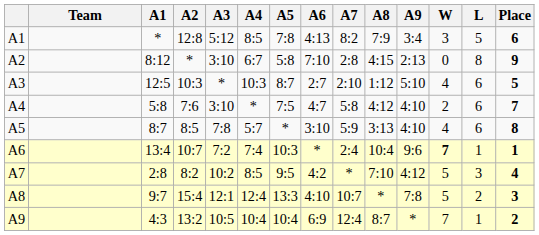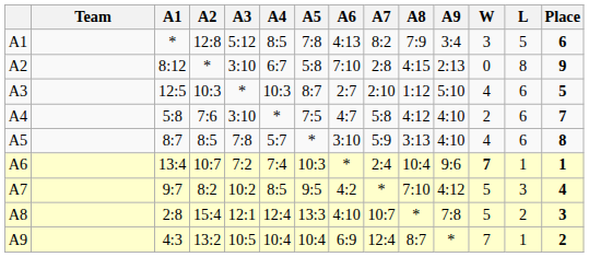 <table class="wikitable" style="text-align:center;">
 <tr>
 <th></th>
 <th width="120">Team</th>
 <th width="25">A1</th>
 <th width="25">A2</th>
 <th width="25">A3</th>
 <th width="25">A4</th>
 <th width="25">A5</th>
 <th width="25">A6</th>
 <th width="25">A7</th>
 <th width="25">A8</th>
 <th width="25">A9</th>
 <th width="30">W</th>
 <th width="30">L</th>
 <th>Place</th>
 </tr>
 <tr>
 <td>A1</td>
 <td align="left"></td>
 <td>*</td>
 <td>12:8</td>
 <td>5:12</td>
 <td>8:5</td>
 <td>7:8</td>
 <td>4:13</td>
 <td>8:2</td>
 <td>7:9</td>
 <td>3:4</td>
 <td>3</td>
 <td>5</td>
 <td><strong>6</strong></td>
 </tr>
 <tr>
 <td>A2</td>
 <td align="left"></td>
 <td>8:12</td>
 <td>*</td>
 <td>3:10</td>
 <td>6:7</td>
 <td>5:8</td>
 <td>7:10</td>
 <td>2:8</td>
 <td>4:15</td>
 <td>2:13</td>
 <td>0</td>
 <td>8</td>
 <td><strong>9</strong></td>
 </tr>
 <tr>
 <td>A3</td>
 <td align="left"></td>
 <td>12:5</td>
 <td>10:3</td>
 <td>*</td>
 <td>10:3</td>
 <td>8:7</td>
 <td>2:7</td>
 <td>2:10</td>
 <td>1:12</td>
 <td>5:10</td>
 <td>4</td>
 <td>6</td>
 <td><strong>5</strong></td>
 </tr>
 <tr>
 <td>A4</td>
 <td align="left"></td>
 <td>5:8</td>
 <td>7:6</td>
 <td>3:10</td>
 <td>*</td>
 <td>7:5</td>
 <td>4:7</td>
 <td>5:8</td>
 <td>4:12</td>
 <td>4:10</td>
 <td>2</td>
 <td>6</td>
 <td><strong>7</strong></td>
 </tr>
 <tr>
 <td>A5</td>
 <td align="left"></td>
 <td>8:7</td>
 <td>8:5</td>
 <td>7:8</td>
 <td>5:7</td>
 <td>*</td>
 <td>3:10</td>
 <td>5:9</td>
 <td>3:13</td>
 <td>4:10</td>
 <td>4</td>
 <td>6</td>
 <td><strong>8</strong></td>
 </tr>
 <tr bgcolor=#ffffcc>
 <td>A6</td>
 <td align="left"></td>
 <td>13:4</td>
 <td>10:7</td>
 <td>7:2</td>
 <td>7:4</td>
 <td>10:3</td>
 <td>*</td>
 <td>2:4</td>
 <td>10:4</td>
 <td>9:6</td>
 <td><strong>7</strong></td>
 <td>1</td>
 <td><strong>1</strong></td>
 </tr>
 <tr bgcolor=#ffffcc>
 <td>A7</td>
 <td align="left"></td>
-<td>2:8</td>
+<td>9:7</td>
 <td>8:2</td>
 <td>10:2</td>
 <td>8:5</td>
 <td>9:5</td>
 <td>4:2</td>
 <td>*</td>
 <td>7:10</td>
 <td>4:12</td>
 <td>5</td>
 <td>3</td>
 <td><strong>4</strong></td>
 </tr>
 <tr bgcolor=#ffffcc>
 <td>A8</td>
 <td align="left"></td>
-<td>9:7</td>
+<td>2:8</td>
 <td>15:4</td>
 <td>12:1</td>
 <td>12:4</td>
 <td>13:3</td>
 <td>4:10</td>
 <td>10:7</td>
 <td>*</td>
 <td>7:8</td>
 <td>5</td>
 <td>2</td>
 <td><strong>3</strong></td>
 </tr>
 <tr bgcolor=#ffffcc>
 <td>A9</td>
 <td align="left"></td>
 <td>4:3</td>
 <td>13:2</td>
 <td>10:5</td>
 <td>10:4</td>
 <td>10:4</td>
 <td>6:9</td>
 <td>12:4</td>
 <td>8:7</td>
 <td>*</td>
 <td>7</td>
 <td>1</td>
 <td><strong>2</strong></td>
 </tr>
 </table>
